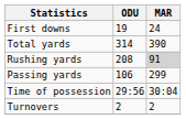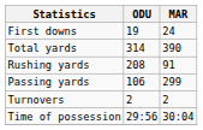 <table class="wikitable">
 <tr>
 <th>Statistics</th>
 <th>ODU</th>
 <th>MAR</th>
 </tr>
 <tr>
 <td>First downs</td>
 <td>19</td>
 <td>24</td>
 </tr>
 <tr>
 <td>Total yards</td>
 <td>314</td>
 <td>390</td>
 </tr>
 <tr>
 <td>Rushing yards</td>
 <td>208</td>
-<td style="background: lightgrey;">91</td>
+<td>91</td>
 </tr>
 <tr>
 <td>Passing yards</td>
 <td>106</td>
 <td>299</td>
 </tr>
 <tr>
+<td>Turnovers</td>
+<td>2</td>
+<td>2</td>
+</tr>
+<tr>
 <td>Time of possession</td>
 <td>29:56</td>
 <td>30:04</td>
 </tr>
 <tr>
-<td>Turnovers</td>
-<td>2</td>
-<td>2</td>
-</tr>
-<tr>
 </tr>
 </table>
